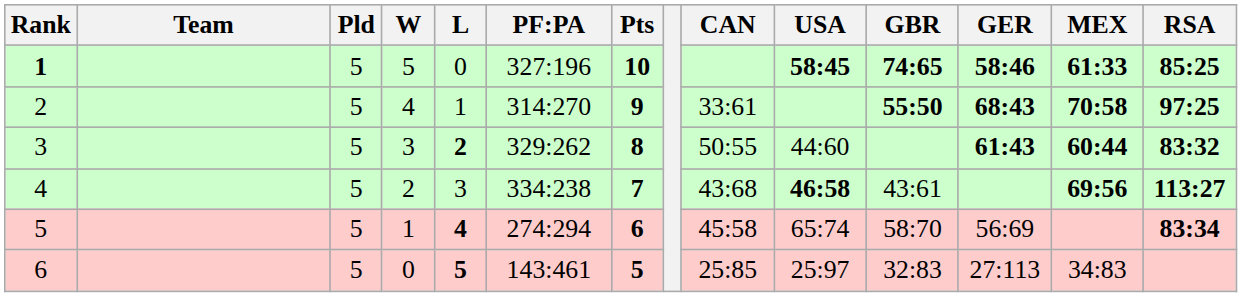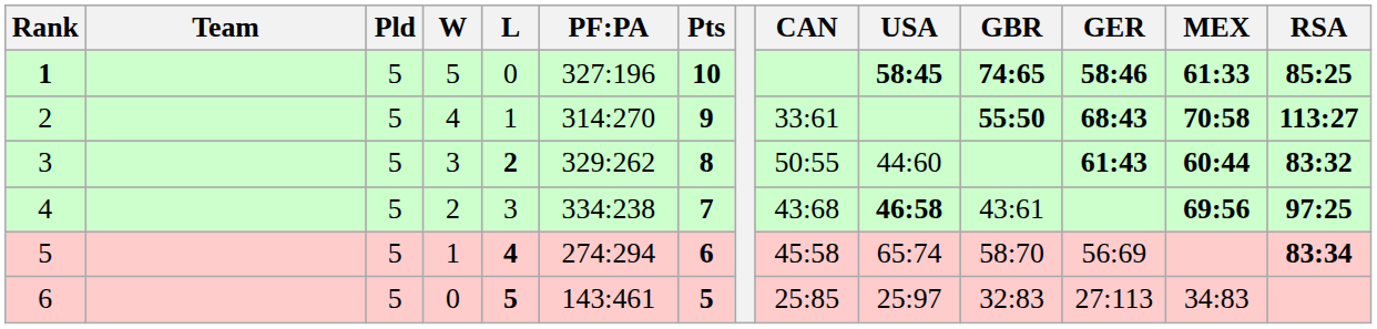 <table class="wikitable" style="text-align:center">
 <tr>
 <th width=25>Rank</th>
 <th width=150>Team</th>
 <th width=25>Pld</th>
 <th width=25>W</th>
 <th width=25>L</th>
 <th width=70>PF:PA</th>
 <th width=25>Pts</th>
 <th rowspan="7"> </th>
 <th width=50>CAN</th>
 <th width=50>USA</th>
 <th width=50>GBR</th>
 <th width=50>GER</th>
 <th width=50>MEX</th>
 <th width=50>RSA</th>
 </tr>
 <tr style="background:#ccffcc;">
 <td><strong>1</strong></td>
 <td style="text-align:left"></td>
 <td>5</td>
 <td>5</td>
 <td>0</td>
 <td>327:196</td>
 <td><strong>10</strong></td>
 <td></td>
 <td><strong>58:45</strong></td>
 <td><strong>74:65</strong></td>
 <td><strong>58:46</strong></td>
 <td><strong>61:33</strong></td>
 <td><strong>85:25</strong></td>
 </tr>
 <tr style="background:#ccffcc;">
 <td>2</td>
 <td style="text-align:left"></td>
 <td>5</td>
 <td>4</td>
 <td>1</td>
 <td>314:270</td>
 <td><strong>9</strong></td>
 <td>33:61</td>
 <td></td>
 <td><strong>55:50</strong></td>
 <td><strong>68:43</strong></td>
 <td><strong>70:58</strong></td>
-<td><strong>97:25</strong></td>
+<td><strong>113:27</strong></td>
 </tr>
 <tr style="background:#ccffcc;">
 <td>3</td>
 <td style="text-align:left"></td>
 <td>5</td>
 <td>3</td>
 <td><strong>2</strong></td>
 <td>329:262</td>
 <td><strong>8</strong></td>
 <td>50:55</td>
 <td>44:60</td>
 <td></td>
 <td><strong>61:43</strong></td>
 <td><strong>60:44</strong></td>
 <td><strong>83:32</strong></td>
 </tr>
 <tr style="background:#ccffcc;">
 <td>4</td>
 <td style="text-align:left"></td>
 <td>5</td>
 <td>2</td>
 <td>3</td>
 <td>334:238</td>
 <td><strong>7</strong></td>
 <td>43:68</td>
 <td><strong>46:58</strong></td>
 <td>43:61</td>
 <td></td>
 <td><strong>69:56</strong></td>
-<td><strong>113:27</strong></td>
+<td><strong>97:25</strong></td>
 </tr>
 <tr style="background:#ffcccc;">
 <td>5</td>
 <td style="text-align:left"></td>
 <td>5</td>
 <td>1</td>
 <td><strong>4</strong></td>
 <td>274:294</td>
 <td><strong>6</strong></td>
 <td>45:58</td>
 <td>65:74</td>
 <td>58:70</td>
 <td>56:69</td>
 <td></td>
 <td><strong>83:34</strong></td>
 </tr>
 <tr style="background:#ffcccc;">
 <td>6</td>
 <td style="text-align:left"></td>
 <td>5</td>
 <td>0</td>
 <td><strong>5</strong></td>
 <td>143:461</td>
 <td><strong>5</strong></td>
 <td>25:85</td>
 <td>25:97</td>
 <td>32:83</td>
 <td>27:113</td>
 <td>34:83</td>
 <td></td>
 </tr>
 </table>
